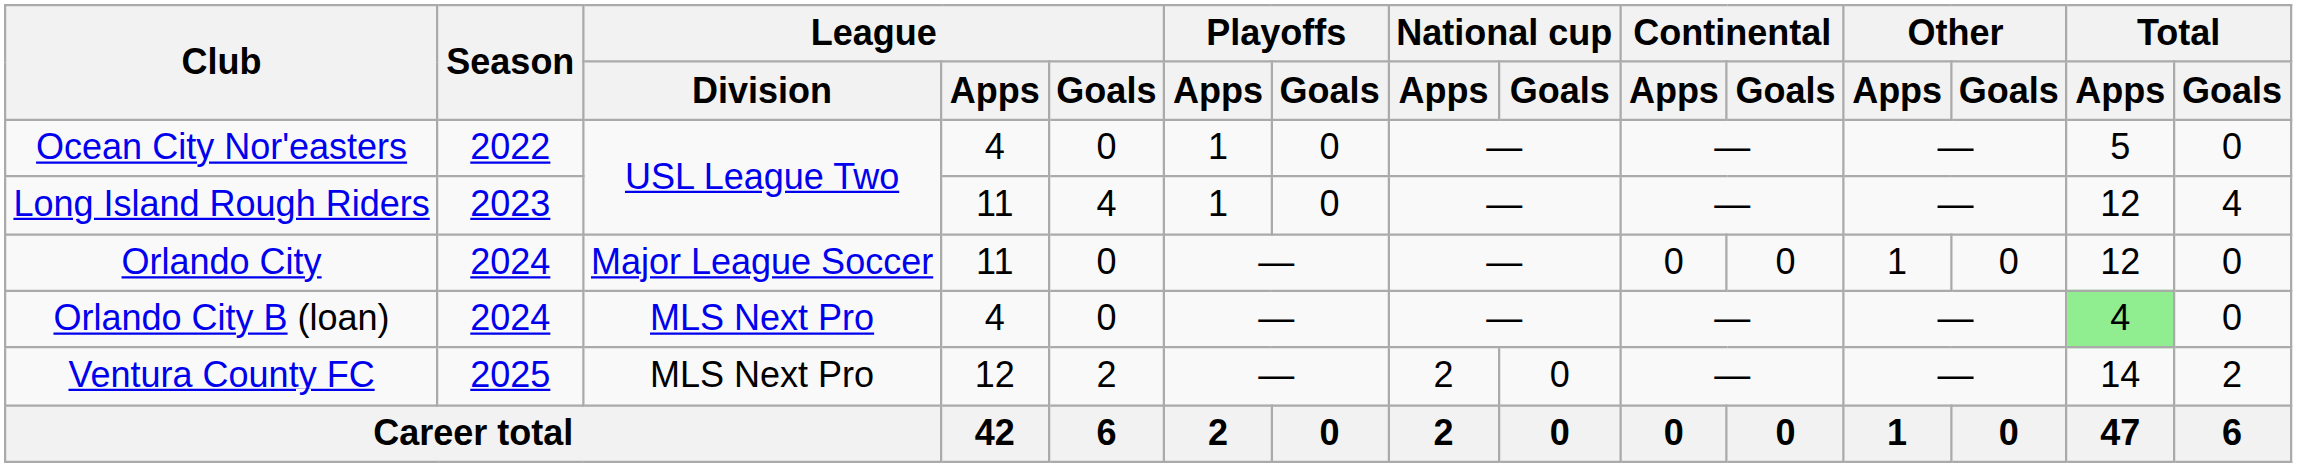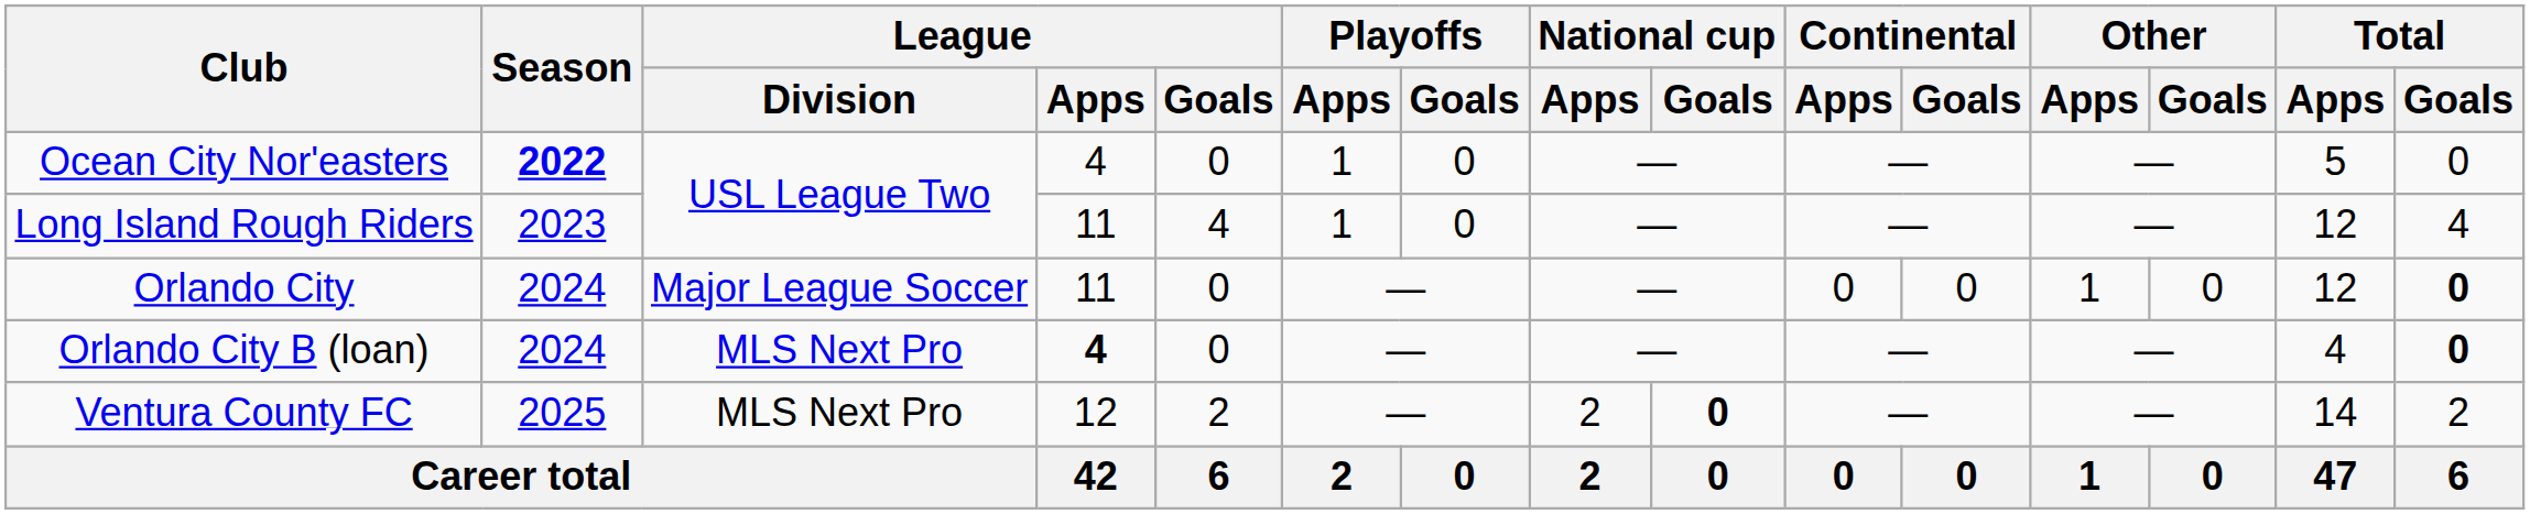 <table class="wikitable" style="text-align:center;">
 <tr>
 <th rowspan="2">Club</th>
 <th rowspan="2">Season</th>
 <th colspan="3">League</th>
 <th colspan="2">Playoffs</th>
 <th colspan="2">National cup</th>
 <th colspan="2">Continental</th>
 <th colspan="2">Other</th>
 <th colspan="2">Total</th>
 </tr>
 <tr>
 <th>Division</th>
 <th>Apps</th>
 <th>Goals</th>
 <th>Apps</th>
 <th>Goals</th>
 <th>Apps</th>
 <th>Goals</th>
 <th>Apps</th>
 <th>Goals</th>
 <th>Apps</th>
 <th>Goals</th>
 <th>Apps</th>
 <th>Goals</th>
 </tr>
 <tr>
 <td><a href='#'>Ocean City Nor'easters</a></td>
-<td><a href='#'>2022</a></td>
+<td><strong><a href='#'>2022</a></strong></td>
 <td rowspan="2"><a href='#'>USL League Two</a></td>
 <td>4</td>
 <td>0</td>
 <td>1</td>
 <td>0</td>
 <td colspan="2">—</td>
 <td colspan="2">—</td>
 <td colspan="2">—</td>
 <td>5</td>
 <td>0</td>
 </tr>
 <tr>
 <td><a href='#'>Long Island Rough Riders</a></td>
 <td><a href='#'>2023</a></td>
 <td>11</td>
 <td>4</td>
 <td>1</td>
 <td>0</td>
 <td colspan="2">—</td>
 <td colspan="2">—</td>
 <td colspan="2">—</td>
 <td>12</td>
 <td>4</td>
 </tr>
 <tr>
 <td><a href='#'>Orlando City</a></td>
 <td><a href='#'>2024</a></td>
 <td><a href='#'>Major League Soccer</a></td>
 <td>11</td>
 <td>0</td>
 <td colspan="2">—</td>
 <td colspan="2">—</td>
 <td>0</td>
 <td>0</td>
 <td>1</td>
 <td>0</td>
 <td>12</td>
-<td>0</td>
+<td><strong>0</strong></td>
 </tr>
 <tr>
 <td><a href='#'>Orlando City B</a> (loan)</td>
 <td><a href='#'>2024</a></td>
 <td><a href='#'>MLS Next Pro</a></td>
-<td>4</td>
+<td><strong>4</strong></td>
 <td>0</td>
 <td colspan="2">—</td>
 <td colspan="2">—</td>
 <td colspan="2">—</td>
 <td colspan="2">—</td>
-<td style="background: lightgreen;">4</td>
-<td>0</td>
+<td>4</td>
+<td><strong>0</strong></td>
 </tr>
 <tr>
 <td><a href='#'>Ventura County FC</a></td>
 <td><a href='#'>2025</a></td>
 <td>MLS Next Pro</td>
 <td>12</td>
 <td>2</td>
 <td colspan="2">—</td>
 <td>2</td>
-<td>0</td>
+<td><strong>0</strong></td>
 <td colspan="2">—</td>
 <td colspan="2">—</td>
 <td>14</td>
 <td>2</td>
 </tr>
 <tr>
 <th colspan="3">Career total</th>
 <th>42</th>
 <th>6</th>
 <th>2</th>
 <th>0</th>
 <th>2</th>
 <th>0</th>
 <th>0</th>
 <th>0</th>
 <th>1</th>
 <th>0</th>
 <th>47</th>
 <th>6</th>
 </tr>
 </table>
